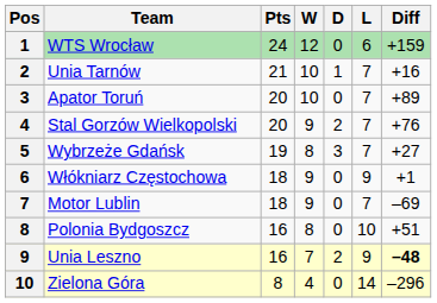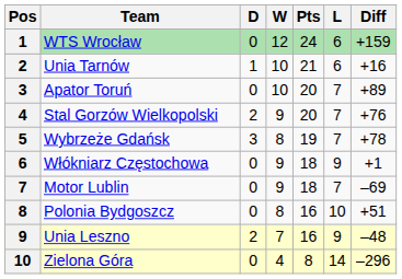 <table class="wikitable" style="font-size: 100%">
 <tr>
 <th width=20>Pos</th>
 <th width=200>Team</th>
+<th width=20>D</th>
+<th width=20>W</th>
 <th width=20>Pts</th>
-<th width=20>W</th>
-<th width=20>D</th>
 <th width=20>L</th>
 <th width=40>Diff</th>
 </tr>
 <tr align=center style="background:#ACE1AF;">
 <th>1</th>
 <td align=left><a href='#'>WTS Wrocław</a></td>
+<td>0</td>
+<td>12</td>
 <td>24</td>
-<td>12</td>
-<td>0</td>
 <td>6</td>
 <td>+159</td>
 </tr>
 <tr align=center>
 <th>2</th>
 <td align=left><a href='#'>Unia Tarnów</a></td>
+<td>1</td>
+<td>10</td>
 <td>21</td>
-<td>10</td>
-<td>1</td>
-<td>7</td>
+<td>6</td>
 <td>+16</td>
 </tr>
 <tr align=center>
 <th>3</th>
 <td align=left><a href='#'>Apator Toruń</a></td>
+<td>0</td>
+<td>10</td>
 <td>20</td>
-<td>10</td>
-<td>0</td>
 <td>7</td>
 <td>+89</td>
 </tr>
 <tr align=center>
 <th>4</th>
 <td align=left><a href='#'>Stal Gorzów Wielkopolski</a></td>
+<td>2</td>
+<td>9</td>
 <td>20</td>
-<td>9</td>
-<td>2</td>
 <td>7</td>
 <td>+76</td>
 </tr>
 <tr align=center>
 <th>5</th>
 <td align=left><a href='#'>Wybrzeże Gdańsk</a></td>
+<td>3</td>
+<td>8</td>
 <td>19</td>
-<td>8</td>
-<td>3</td>
 <td>7</td>
-<td>+27</td>
+<td>+78</td>
 </tr>
 <tr align=center>
 <th>6</th>
 <td align=left><a href='#'>Włókniarz Częstochowa</a></td>
+<td>0</td>
+<td>9</td>
 <td>18</td>
-<td>9</td>
-<td>0</td>
 <td>9</td>
 <td>+1</td>
 </tr>
 <tr align=center>
 <th>7</th>
 <td align=left><a href='#'>Motor Lublin</a></td>
+<td>0</td>
+<td>9</td>
 <td>18</td>
-<td>9</td>
-<td>0</td>
 <td>7</td>
 <td>–69</td>
 </tr>
 <tr align=center>
 <th>8</th>
 <td align=left><a href='#'>Polonia Bydgoszcz</a></td>
+<td>0</td>
+<td>8</td>
 <td>16</td>
-<td>8</td>
-<td>0</td>
 <td>10</td>
 <td>+51</td>
 </tr>
 <tr align=center style="background: #ffffcc;">
 <th>9</th>
 <td align=left><a href='#'>Unia Leszno</a></td>
+<td>2</td>
+<td>7</td>
 <td>16</td>
-<td>7</td>
-<td>2</td>
 <td>9</td>
-<td><strong>–48</strong></td>
+<td>–48</td>
 </tr>
 <tr align=center style="background: #ffffcc;">
 <th>10</th>
 <td align=left><a href='#'>Zielona Góra</a></td>
+<td>0</td>
+<td>4</td>
 <td>8</td>
-<td>4</td>
-<td>0</td>
 <td>14</td>
 <td>–296</td>
 </tr>
 </table>
